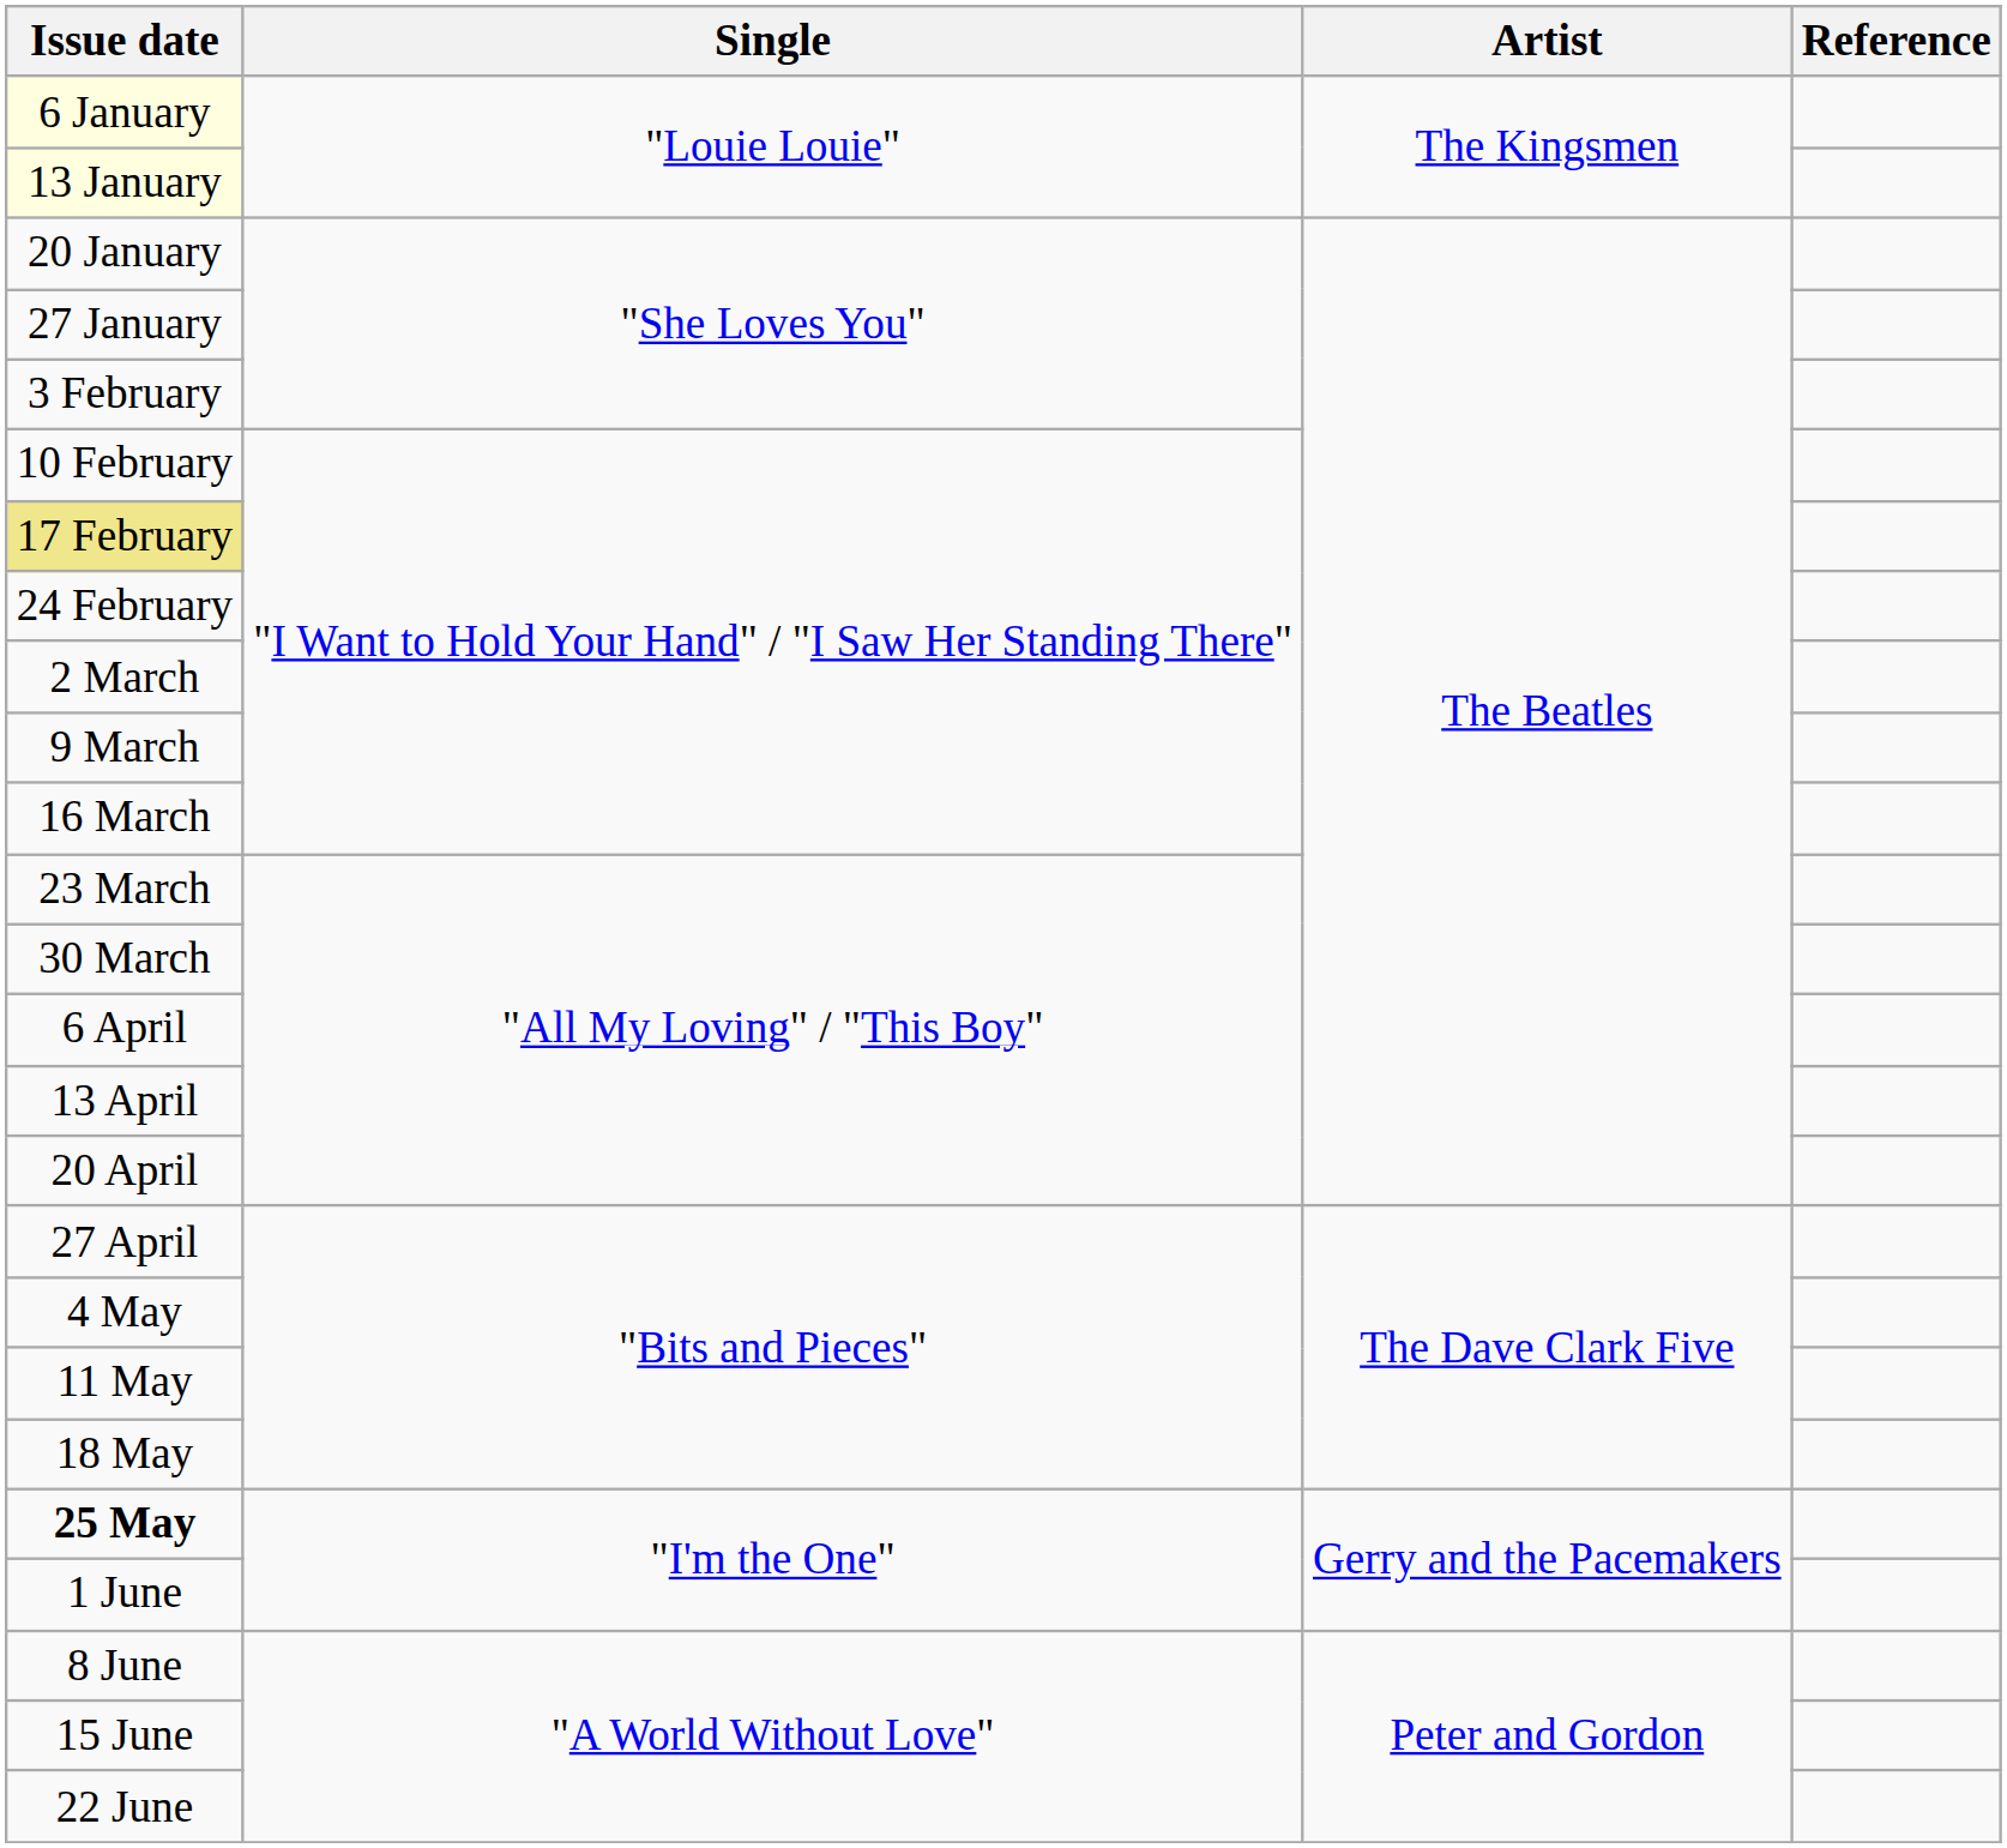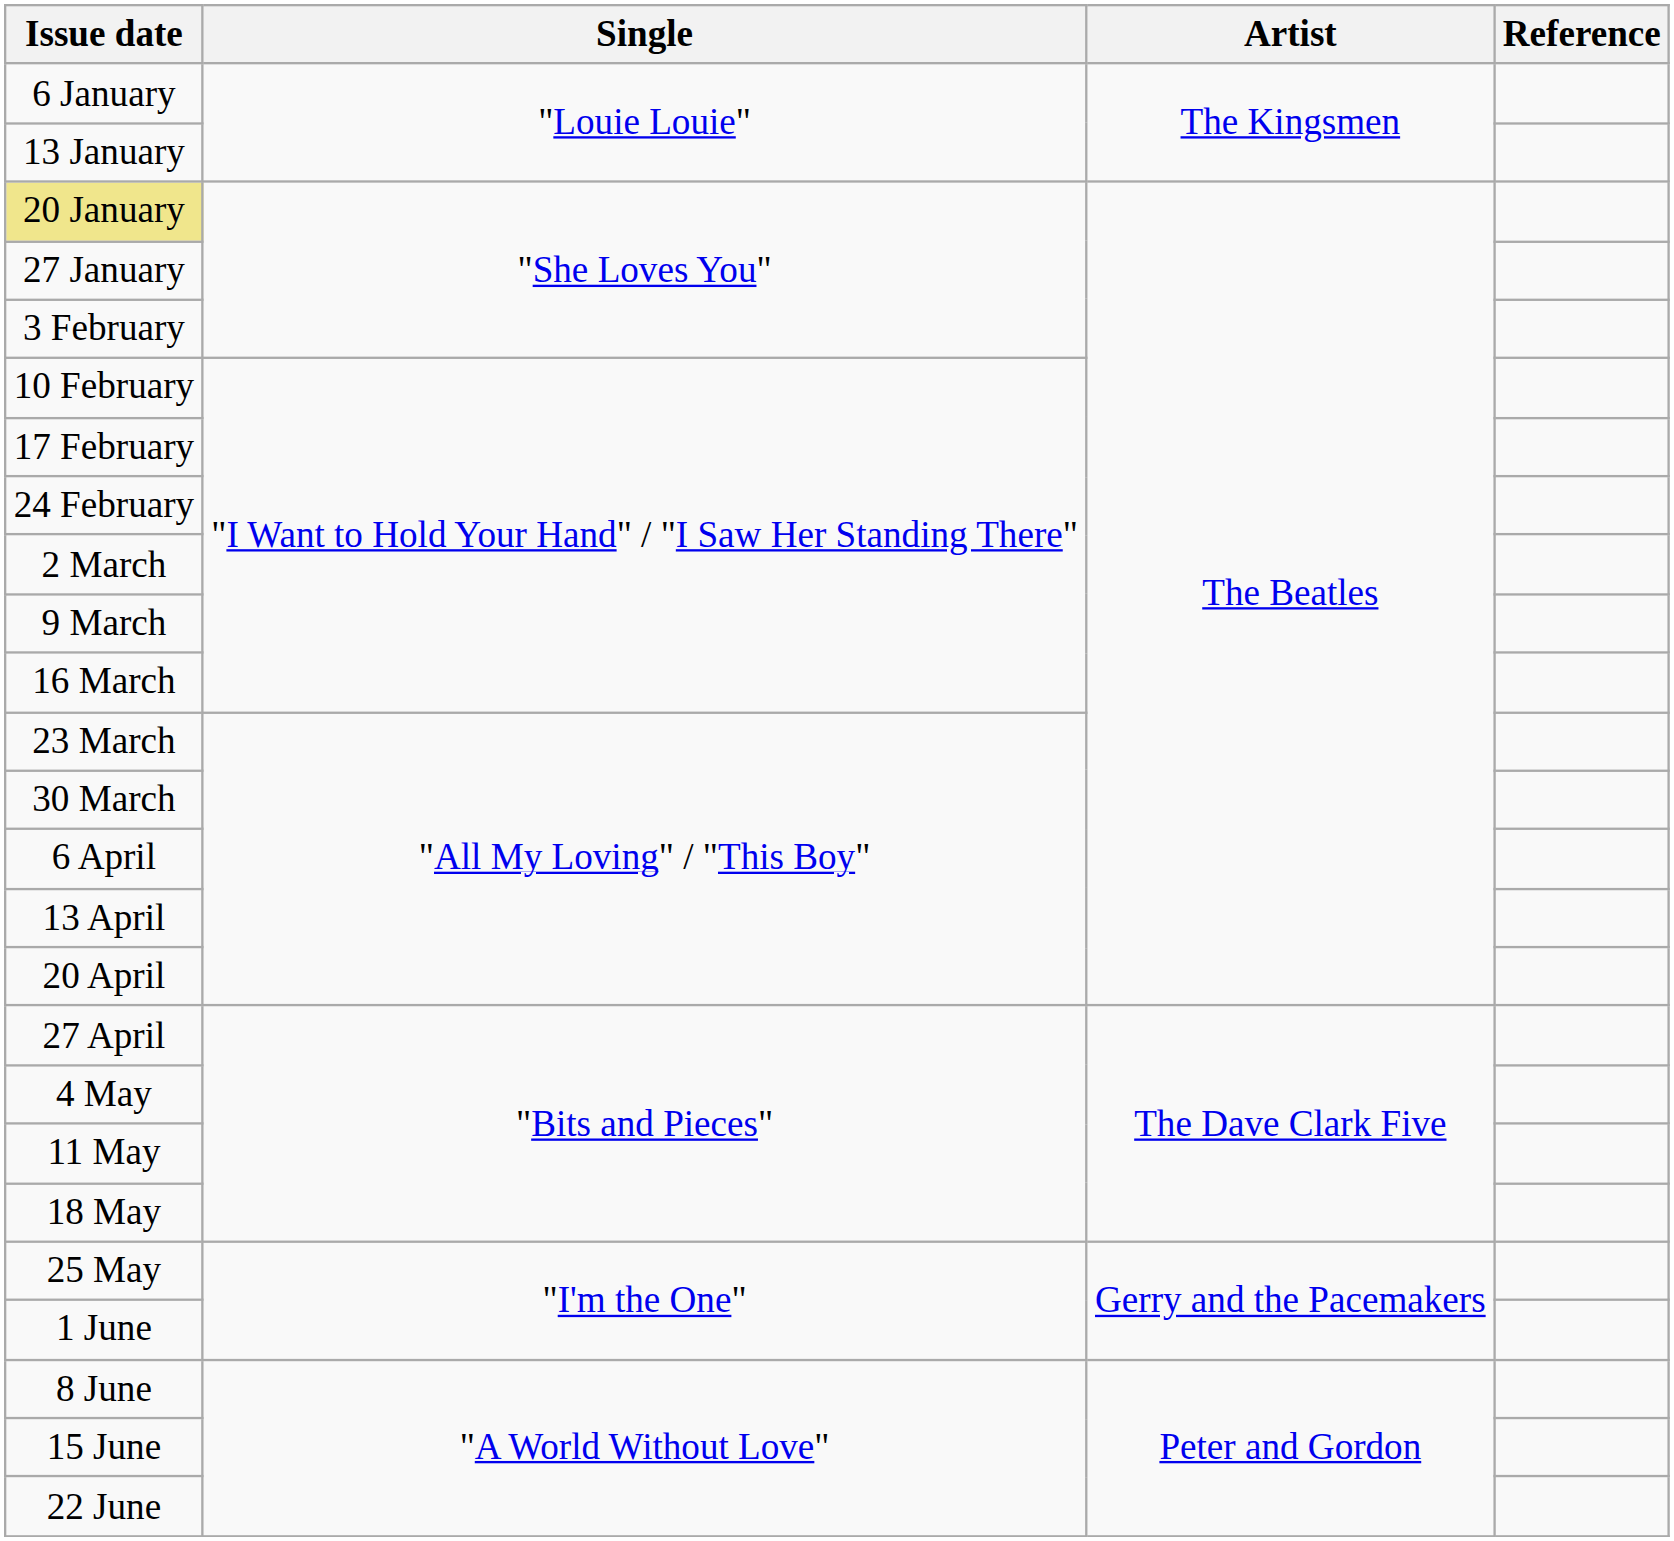 <table class="wikitable" style="text-align: center;">
 <tr>
 <th>Issue date</th>
 <th>Single</th>
 <th>Artist</th>
 <th>Reference</th>
 </tr>
 <tr>
-<td style="background: lightyellow;">6 January</td>
+<td>6 January</td>
 <td rowspan="2">"<a href='#'>Louie Louie</a>"</td>
 <td rowspan="2"><a href='#'>The Kingsmen</a></td>
 <td></td>
 </tr>
 <tr>
-<td style="background: lightyellow;">13 January</td>
+<td>13 January</td>
 <td></td>
 </tr>
 <tr>
-<td>20 January</td>
+<td style="background: khaki;">20 January</td>
 <td rowspan="3">"<a href='#'>She Loves You</a>"</td>
 <td rowspan="14"><a href='#'>The Beatles</a></td>
 <td></td>
 </tr>
 <tr>
 <td>27 January</td>
 <td></td>
 </tr>
 <tr>
 <td>3 February</td>
 <td></td>
 </tr>
 <tr>
 <td>10 February</td>
 <td rowspan="6">"<a href='#'>I Want to Hold Your Hand</a>" / "<a href='#'>I Saw Her Standing There</a>"</td>
 <td></td>
 </tr>
 <tr>
-<td style="background: khaki;">17 February</td>
+<td>17 February</td>
 <td></td>
 </tr>
 <tr>
 <td>24 February</td>
 <td></td>
 </tr>
 <tr>
 <td>2 March</td>
 <td></td>
 </tr>
 <tr>
 <td>9 March</td>
 <td></td>
 </tr>
 <tr>
 <td>16 March</td>
 <td></td>
 </tr>
 <tr>
 <td>23 March</td>
 <td rowspan="5">"<a href='#'>All My Loving</a>" / "<a href='#'>This Boy</a>"</td>
 <td></td>
 </tr>
 <tr>
 <td>30 March</td>
 <td></td>
 </tr>
 <tr>
 <td>6 April</td>
 <td></td>
 </tr>
 <tr>
 <td>13 April</td>
 <td></td>
 </tr>
 <tr>
 <td>20 April</td>
 <td></td>
 </tr>
 <tr>
 <td>27 April</td>
 <td rowspan="4">"<a href='#'>Bits and Pieces</a>"</td>
 <td rowspan="4"><a href='#'>The Dave Clark Five</a></td>
 <td></td>
 </tr>
 <tr>
 <td>4 May</td>
 <td></td>
 </tr>
 <tr>
 <td>11 May</td>
 <td></td>
 </tr>
 <tr>
 <td>18 May</td>
 <td></td>
 </tr>
 <tr>
-<td><strong>25 May</strong></td>
+<td>25 May</td>
 <td rowspan="2">"<a href='#'>I'm the One</a>"</td>
 <td rowspan="2"><a href='#'>Gerry and the Pacemakers</a></td>
 <td></td>
 </tr>
 <tr>
 <td>1 June</td>
 <td></td>
 </tr>
 <tr>
 <td>8 June</td>
 <td rowspan="3">"<a href='#'>A World Without Love</a>"</td>
 <td rowspan="3"><a href='#'>Peter and Gordon</a></td>
 <td></td>
 </tr>
 <tr>
 <td>15 June</td>
 <td></td>
 </tr>
 <tr>
 <td>22 June</td>
 <td></td>
 </tr>
 </table>
